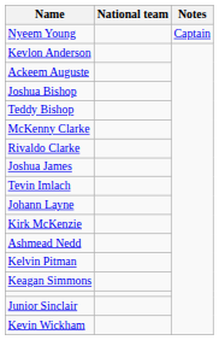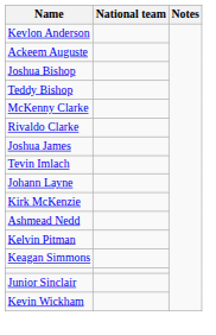 <table class="wikitable" style="font-size:93%;">
 <tr>
 <th style="text-align:center;">Name</th>
 <th style="text-align:center;">National team</th>
 <th>Notes</th>
-</tr>
-<tr>
-<td><a href='#'>Nyeem Young</a></td>
-<td></td>
-<td><a href='#'>Captain</a></td>
 </tr>
 <tr>
 <td><a href='#'>Kevlon Anderson</a></td>
 <td></td>
 <td rowspan="16"></td>
 </tr>
 <tr>
 <td><a href='#'>Ackeem Auguste</a></td>
 <td></td>
 </tr>
 <tr>
 <td><a href='#'>Joshua Bishop</a></td>
 <td></td>
 </tr>
 <tr>
 <td><a href='#'>Teddy Bishop</a></td>
 <td></td>
 </tr>
 <tr>
 <td><a href='#'>McKenny Clarke</a></td>
 <td></td>
 </tr>
 <tr>
 <td><a href='#'>Rivaldo Clarke</a></td>
 <td></td>
 </tr>
 <tr>
 <td><a href='#'>Joshua James</a></td>
 <td></td>
 </tr>
 <tr>
 <td><a href='#'>Tevin Imlach</a></td>
 <td></td>
 </tr>
 <tr>
 <td><a href='#'>Johann Layne</a></td>
 <td></td>
 </tr>
 <tr>
 <td><a href='#'>Kirk McKenzie</a></td>
 <td></td>
 </tr>
 <tr>
 <td><a href='#'>Ashmead Nedd</a></td>
 <td></td>
 </tr>
 <tr>
 <td><a href='#'>Kelvin Pitman</a></td>
 <td></td>
 </tr>
 <tr>
 <td><a href='#'>Keagan Simmons</a></td>
 <td></td>
 </tr>
 <tr>
 <td></td>
 <td></td>
 </tr>
 <tr>
 <td><a href='#'>Junior Sinclair</a></td>
 <td></td>
 </tr>
 <tr>
 <td><a href='#'>Kevin Wickham</a></td>
 <td></td>
 </tr>
 </table>
